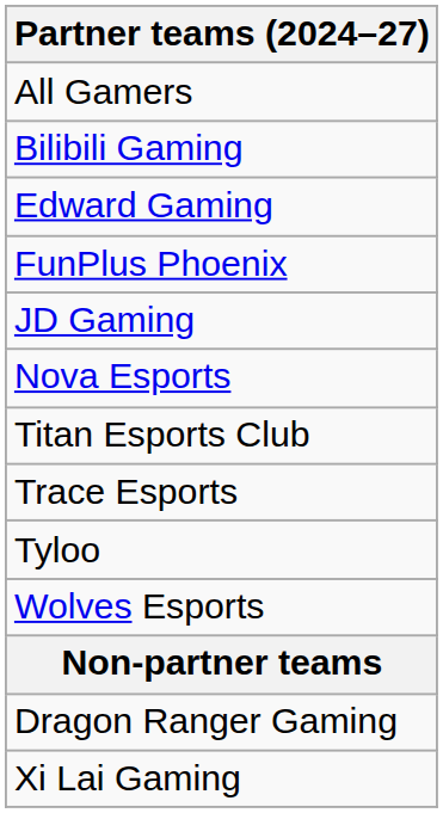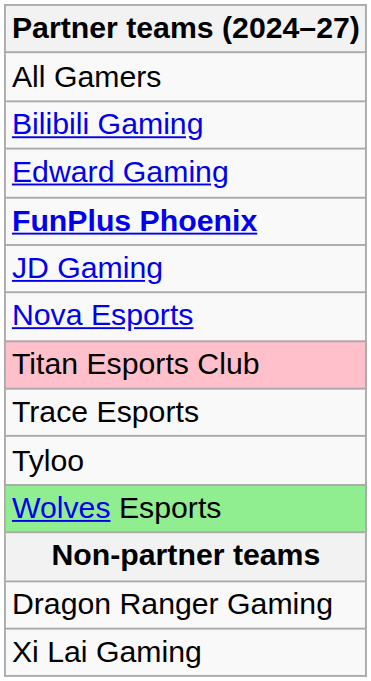 <table class="wikitable" white-space="nowrap">
 <tr>
 <th>Partner teams (2024–27)</th>
 </tr>
 <tr>
 <td>All Gamers</td>
 </tr>
 <tr>
 <td><a href='#'>Bilibili Gaming</a></td>
 </tr>
 <tr>
 <td><a href='#'>Edward Gaming</a></td>
 </tr>
 <tr>
-<td><a href='#'>FunPlus Phoenix</a></td>
+<td><strong><a href='#'>FunPlus Phoenix</a></strong></td>
 </tr>
 <tr>
 <td><a href='#'>JD Gaming</a></td>
 </tr>
 <tr>
 <td><a href='#'>Nova Esports</a></td>
 </tr>
 <tr>
-<td>Titan Esports Club</td>
+<td style="background: pink;">Titan Esports Club</td>
 </tr>
 <tr>
 <td>Trace Esports</td>
 </tr>
 <tr>
 <td>Tyloo</td>
 </tr>
 <tr>
-<td><a href='#'>Wolves</a> Esports</td>
+<td style="background: lightgreen;"><a href='#'>Wolves</a> Esports</td>
 </tr>
 <tr>
 <th>Non-partner teams</th>
 </tr>
 <tr>
 <td>Dragon Ranger Gaming</td>
 </tr>
 <tr>
 <td>Xi Lai Gaming</td>
 </tr>
 </table>
